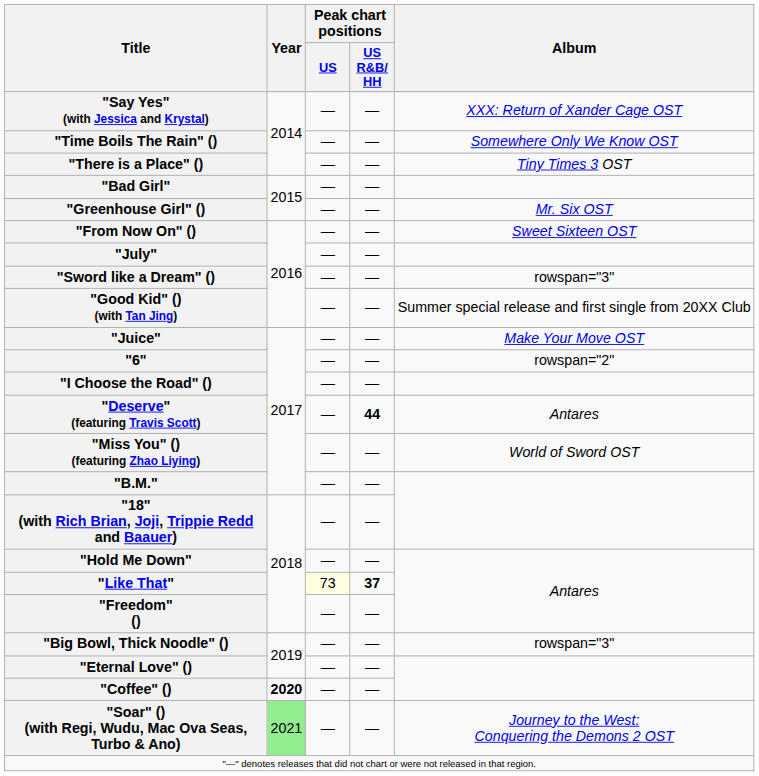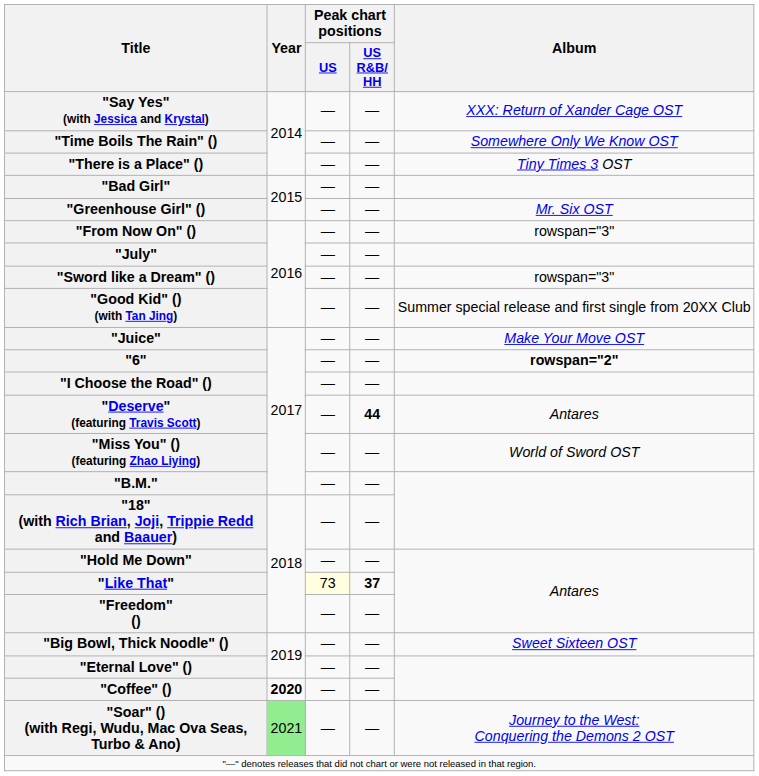 <table class="wikitable plainrowheaders" style="text-align:center;">
 <tr>
 <th scope="col" rowspan="2" style="width:18em;">Title</th>
 <th scope="col" rowspan="2">Year</th>
 <th colspan="2">Peak chart<br>positions</th>
 <th scope="col" rowspan="2">Album</th>
 </tr>
 <tr>
 <th scope="col" style="width:3em;font-size:90%;"><a href='#'>US</a><br></th>
 <th scope="col" style="width:3em;font-size:90%;"><a href='#'>US<br>R&B/<br>HH</a><br></th>
 </tr>
 <tr>
 <th scope="row">"Say Yes"<br><small>(with <a href='#'>Jessica</a> and <a href='#'>Krystal</a>)</small></th>
 <td rowspan="3">2014</td>
 <td>—</td>
 <td>—</td>
 <td><em><a href='#'>XXX: Return of Xander Cage OST</a></em></td>
 </tr>
 <tr>
 <th scope="row">"Time Boils The Rain" ()</th>
 <td>—</td>
 <td>—</td>
 <td><em><a href='#'>Somewhere Only We Know OST</a></em></td>
 </tr>
 <tr>
 <th scope="row">"There is a Place" ()</th>
 <td>—</td>
 <td>—</td>
 <td><em><a href='#'>Tiny Times 3</a> OST</em></td>
 </tr>
 <tr>
 <th scope="row">"Bad Girl"</th>
 <td rowspan="2">2015</td>
 <td>—</td>
 <td>—</td>
 <td></td>
 </tr>
 <tr>
 <th scope="row">"Greenhouse Girl" ()</th>
 <td>—</td>
 <td>—</td>
 <td><em><a href='#'>Mr. Six OST</a></em></td>
 </tr>
 <tr>
 <th scope="row">"From Now On" ()</th>
 <td rowspan="4">2016</td>
 <td>—</td>
 <td>—</td>
-<td><em><a href='#'>Sweet Sixteen OST</a></em></td>
+<td>rowspan="3" </td>
 </tr>
 <tr>
 <th scope="row">"July"</th>
 <td>—</td>
 <td>—</td>
 <td></td>
 </tr>
 <tr>
 <th scope="row">"Sword like a Dream" ()</th>
 <td>—</td>
 <td>—</td>
 <td>rowspan="3" </td>
 </tr>
 <tr>
 <th scope="row">"Good Kid" ()<br><small>(with <a href='#'>Tan Jing</a>)</small></th>
 <td>—</td>
 <td>—</td>
 <td>Summer special release and first single from 20XX Club</td>
 </tr>
 <tr>
 <th scope="row">"Juice"</th>
 <td rowspan="6">2017</td>
 <td>—</td>
 <td>—</td>
 <td><em><a href='#'>Make Your Move OST</a></em></td>
 </tr>
 <tr>
 <th scope="row">"6"</th>
 <td>—</td>
 <td>—</td>
-<td>rowspan="2" </td>
+<td><strong>rowspan="2" </strong></td>
 </tr>
 <tr>
 <th scope="row">"I Choose the Road" ()</th>
 <td>—</td>
 <td>—</td>
 </tr>
 <tr>
 <th scope="row">"<a href='#'>Deserve</a>"<br><small>(featuring <a href='#'>Travis Scott</a>)</small></th>
 <td>—</td>
 <td><strong>44</strong></td>
 <td><em>Antares</em></td>
 </tr>
 <tr>
 <th scope="row">"Miss You" ()<br><small>(featuring <a href='#'>Zhao Liying</a>)</small></th>
 <td>—</td>
 <td>—</td>
 <td><em>World of Sword OST</em></td>
 </tr>
 <tr>
 <th scope="row">"B.M."</th>
 <td>—</td>
 <td>—</td>
 </tr>
 <tr>
 <th scope="row">"18"<br><span>(with <a href='#'>Rich Brian</a>, <a href='#'>Joji</a>, <a href='#'>Trippie Redd</a> and <a href='#'>Baauer</a>)</span></th>
 <td rowspan="4">2018</td>
 <td>—</td>
 <td>—</td>
 </tr>
 <tr>
 <th scope="row">"Hold Me Down"</th>
 <td>—</td>
 <td>—</td>
 <td rowspan="3"><em>Antares</em></td>
 </tr>
 <tr>
 <th scope="row">"<a href='#'>Like That</a>"</th>
 <td style="background: lightyellow;">73</td>
 <td><strong>37</strong></td>
 </tr>
 <tr>
 <th scope="row">"Freedom"<br>()</th>
 <td>—</td>
 <td>—</td>
 </tr>
 <tr>
 <th scope="row">"Big Bowl, Thick Noodle" ()<br></th>
 <td rowspan="2">2019</td>
 <td>—</td>
 <td>—</td>
-<td>rowspan="3" </td>
+<td><em><a href='#'>Sweet Sixteen OST</a></em></td>
 </tr>
 <tr>
 <th scope=row>"Eternal Love" ()</th>
 <td>—</td>
 <td>—</td>
 </tr>
 <tr>
 <th scope=row>"Coffee" ()<br></th>
 <td><strong>2020</strong></td>
 <td>—</td>
 <td>—</td>
 </tr>
 <tr>
 <th scope=row>"Soar" ()<br>(with Regi, Wudu, Mac Ova Seas, Turbo & Ano)</th>
 <td style="background: lightgreen;">2021</td>
 <td>—</td>
 <td>—</td>
 <td><em><a href='#'>Journey to the West:<br>Conquering the Demons 2 OST</a></em></td>
 </tr>
 <tr>
 <td colspan="8" style="text-align:center; font-size:8pt;">"—" denotes releases that did not chart or were not released in that region.</td>
 </tr>
 </table>
